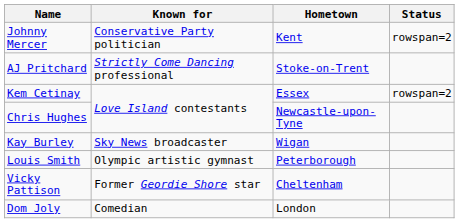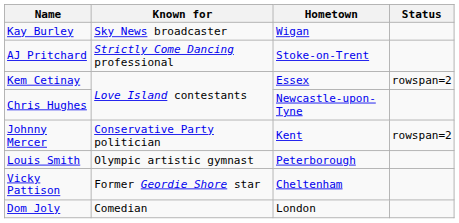 <table class="wikitable sortable" width=60%>
 <tr>
 <th>Name</th>
 <th>Known for</th>
 <th>Hometown</th>
 <th>Status</th>
 </tr>
 <tr>
-<td><a href='#'>Johnny Mercer</a></td>
-<td><a href='#'>Conservative Party</a> politician</td>
-<td><a href='#'>Kent</a></td>
-<td>rowspan=2 </td>
+<td><a href='#'>Kay Burley</a></td>
+<td><a href='#'>Sky News</a> broadcaster</td>
+<td><a href='#'>Wigan</a></td>
+<td></td>
 </tr>
 <tr>
 <td><a href='#'>AJ Pritchard</a></td>
 <td><em><a href='#'>Strictly Come Dancing</a></em> professional</td>
 <td><a href='#'>Stoke-on-Trent</a></td>
 </tr>
 <tr>
 <td><a href='#'>Kem Cetinay</a></td>
 <td rowspan="2"><em><a href='#'>Love Island</a></em> contestants</td>
 <td><a href='#'>Essex</a></td>
 <td>rowspan=2 </td>
 </tr>
 <tr>
 <td><a href='#'>Chris Hughes</a></td>
 <td><a href='#'>Newcastle-upon-Tyne</a></td>
 </tr>
 <tr>
-<td><a href='#'>Kay Burley</a></td>
-<td><a href='#'>Sky News</a> broadcaster</td>
-<td><a href='#'>Wigan</a></td>
-<td></td>
+<td><a href='#'>Johnny Mercer</a></td>
+<td><a href='#'>Conservative Party</a> politician</td>
+<td><a href='#'>Kent</a></td>
+<td>rowspan=2 </td>
 </tr>
 <tr>
 <td><a href='#'>Louis Smith</a></td>
 <td>Olympic artistic gymnast</td>
 <td><a href='#'>Peterborough</a></td>
 <td></td>
 </tr>
 <tr>
 <td><a href='#'>Vicky Pattison</a></td>
 <td>Former <em><a href='#'>Geordie Shore</a></em> star</td>
 <td><a href='#'>Cheltenham</a></td>
 <td></td>
 </tr>
 <tr>
 <td><a href='#'>Dom Joly</a></td>
 <td>Comedian</td>
 <td>London</td>
 <td></td>
 </tr>
 </table>
